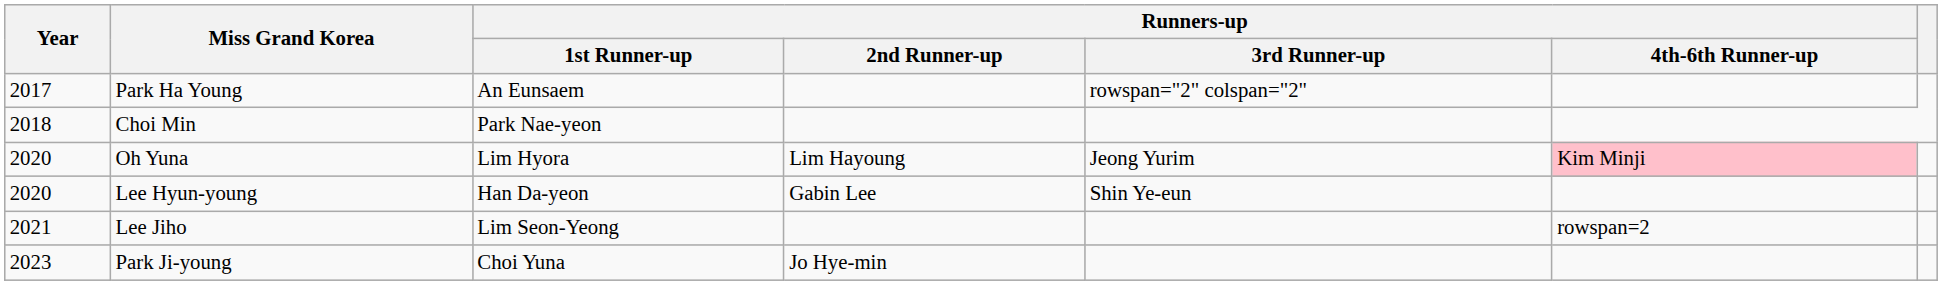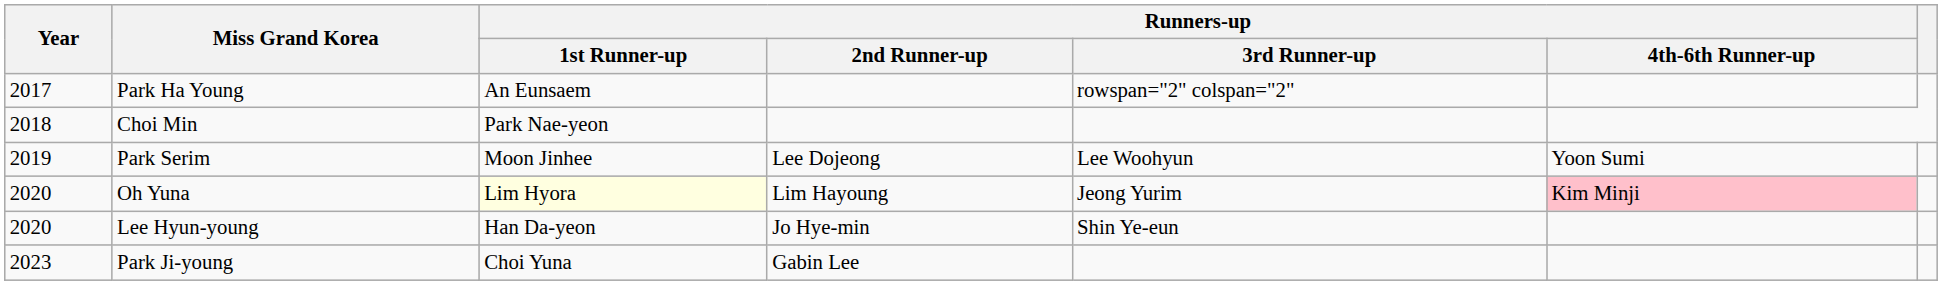 <table class="wikitable col7center" style="font-size:85%; width:100%">
 <tr>
 <th rowspan=2>Year</th>
 <th rowspan=2>Miss Grand Korea</th>
 <th colspan="4">Runners-up</th>
 <th rowspan="2"></th>
 </tr>
 <tr>
 <th>1st Runner-up</th>
 <th>2nd Runner-up</th>
 <th>3rd Runner-up</th>
 <th>4th-6th Runner-up</th>
 </tr>
 <tr>
 <td>2017</td>
 <td>Park Ha Young</td>
 <td>An Eunsaem</td>
 <td></td>
 <td>rowspan="2" colspan="2" </td>
 <td></td>
 </tr>
 <tr>
 <td>2018</td>
 <td>Choi Min</td>
 <td>Park Nae-yeon</td>
 <td></td>
 <td></td>
 </tr>
 <tr>
+<td>2019</td>
+<td>Park Serim</td>
+<td>Moon Jinhee</td>
+<td>Lee Dojeong</td>
+<td>Lee Woohyun</td>
+<td>Yoon Sumi</td>
+<td><br></td>
+</tr>
+<tr>
 <td>2020</td>
 <td>Oh Yuna</td>
-<td>Lim Hyora</td>
+<td style="background: lightyellow;">Lim Hyora</td>
 <td>Lim Hayoung</td>
 <td>Jeong Yurim</td>
 <td style="background: pink;">Kim Minji</td>
 <td></td>
 </tr>
 <tr>
 <td>2020</td>
 <td>Lee Hyun-young</td>
 <td>Han Da-yeon</td>
-<td>Gabin Lee</td>
+<td>Jo Hye-min</td>
 <td>Shin Ye-eun</td>
 <td></td>
-<td align="center"></td>
-</tr>
-<tr>
-<td>2021</td>
-<td>Lee Jiho</td>
-<td>Lim Seon-Yeong</td>
-<td></td>
-<td></td>
-<td>rowspan=2 </td>
 <td align="center"></td>
 </tr>
 <tr>
 <td>2023</td>
 <td>Park Ji-young</td>
 <td>Choi Yuna</td>
-<td>Jo Hye-min</td>
+<td>Gabin Lee</td>
 <td></td>
 <td align="center"></td>
 </tr>
 </table>
